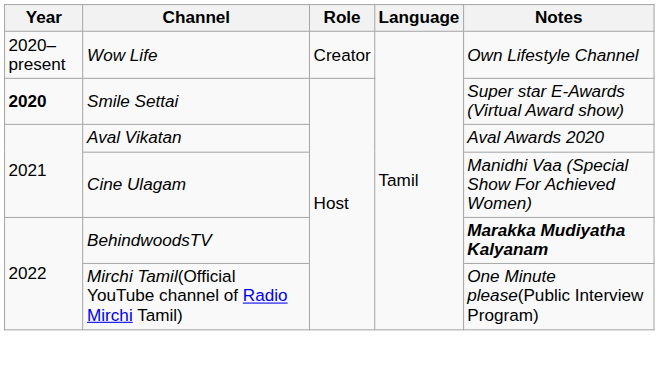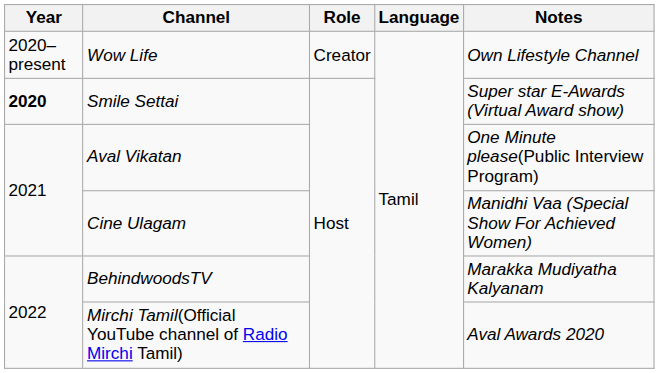 <table class="wikitable sortable">
 <tr>
 <th>Year</th>
 <th>Channel</th>
 <th>Role</th>
 <th>Language</th>
 <th>Notes</th>
 </tr>
 <tr>
 <td>2020–present</td>
 <td><em>Wow Life</em></td>
 <td>Creator</td>
 <td rowspan="6">Tamil</td>
 <td><em>Own Lifestyle Channel</em></td>
 </tr>
 <tr>
 <td><strong>2020</strong></td>
 <td><em>Smile Settai</em></td>
 <td rowspan="5">Host</td>
 <td><em>Super star E-Awards (Virtual Award show)</em></td>
 </tr>
 <tr>
 <td rowspan="2">2021</td>
 <td><em>Aval Vikatan</em></td>
-<td><em>Aval Awards 2020</em></td>
+<td><em>One Minute please</em>(Public Interview Program)</td>
 </tr>
 <tr>
 <td><em>Cine Ulagam</em></td>
 <td><em>Manidhi Vaa (Special Show For Achieved Women)</em></td>
 </tr>
 <tr>
 <td rowspan="2">2022</td>
 <td><em>BehindwoodsTV</em></td>
-<td><strong><em>Marakka Mudiyatha Kalyanam</em></strong></td>
+<td><em>Marakka Mudiyatha Kalyanam</em></td>
 </tr>
 <tr>
 <td><em>Mirchi Tamil</em>(Official YouTube channel of <a href='#'>Radio Mirchi</a> Tamil)</td>
-<td><em>One Minute please</em>(Public Interview Program)</td>
+<td><em>Aval Awards 2020</em></td>
 </tr>
 </table>
